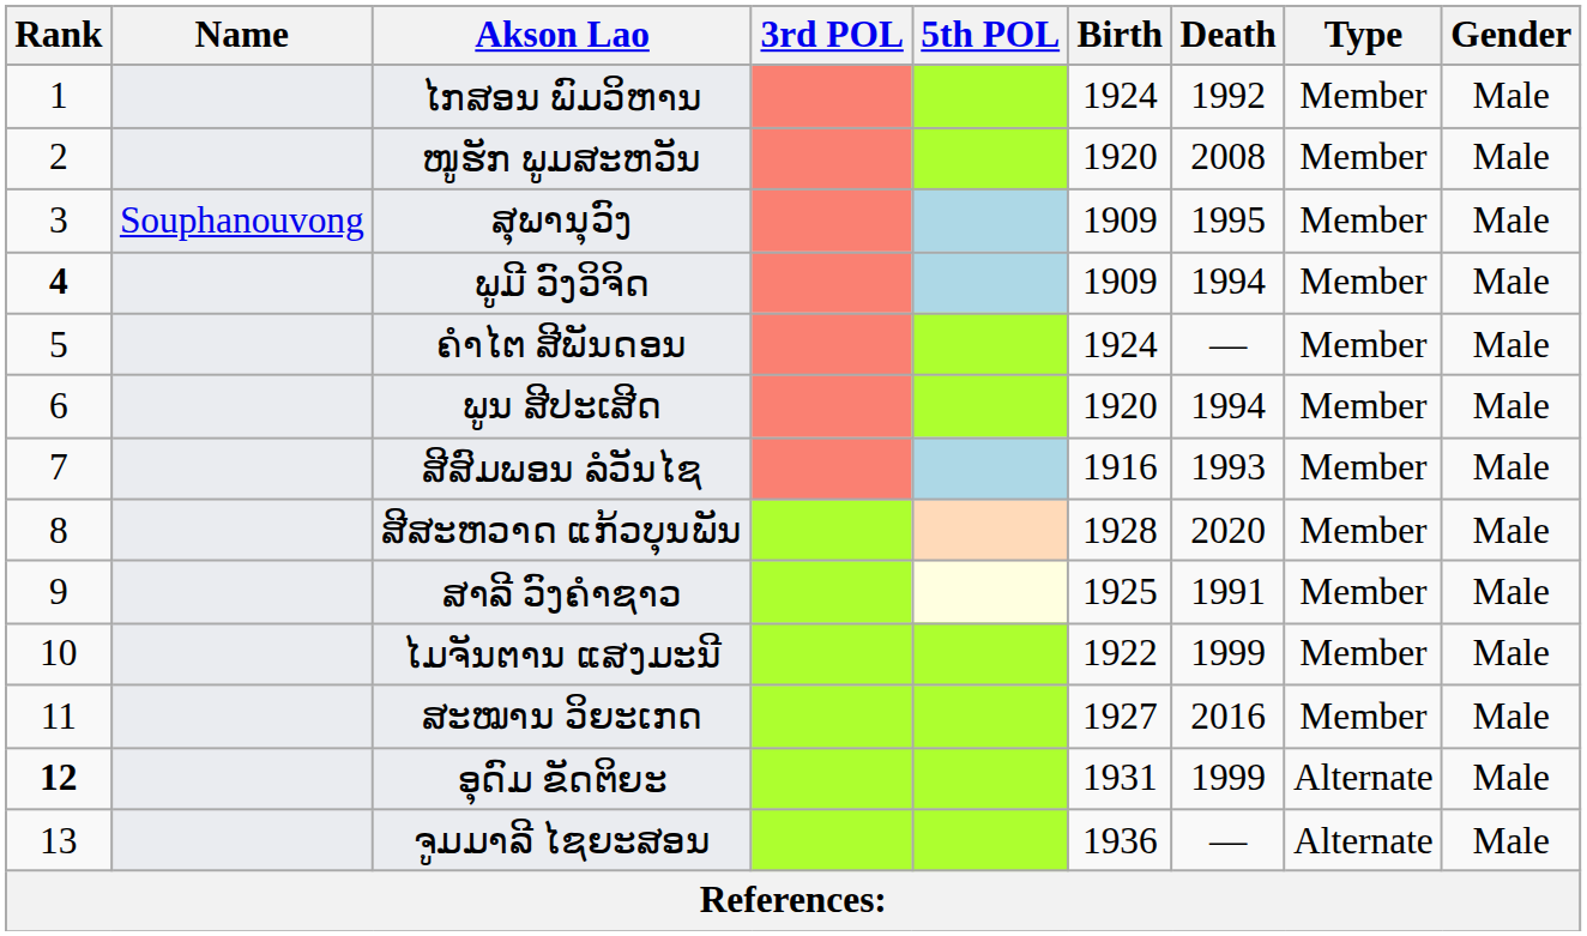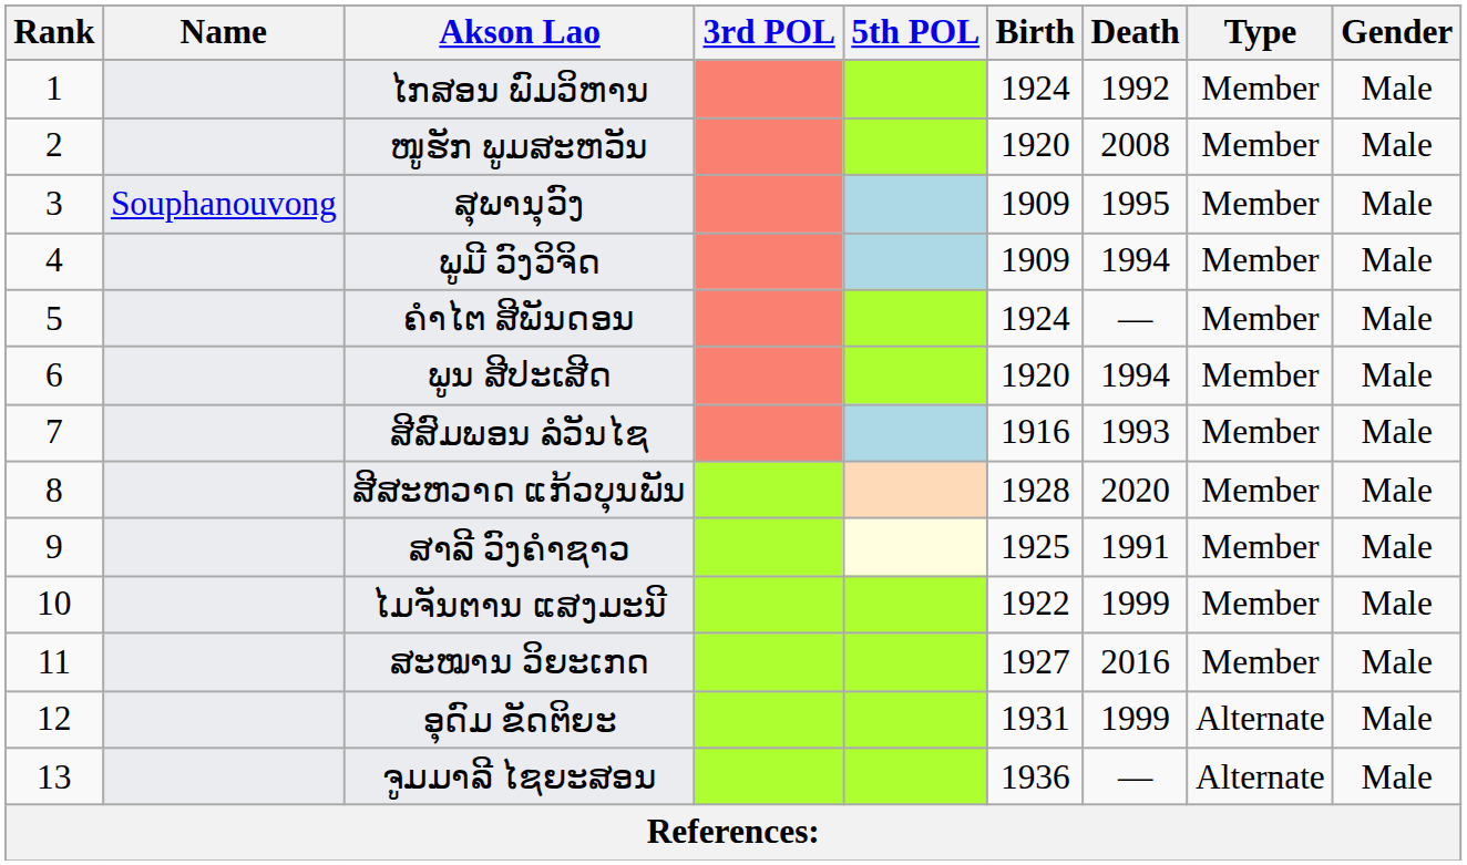 <table class="wikitable sortable" style=text-align:center>
 <tr>
 <th>Rank</th>
 <th>Name</th>
 <th class="unsortable"><a href='#'>Akson Lao</a></th>
 <th unsortable><a href='#'>3rd POL</a></th>
 <th unsortable><a href='#'>5th POL</a></th>
 <th>Birth</th>
 <th>Death</th>
 <th>Type</th>
 <th>Gender</th>
 </tr>
 <tr>
 <td>1</td>
 <td bgcolor = #EAECF0></td>
 <td bgcolor = #EAECF0>ໄກສອນ ພົມວິຫານ</td>
 <td bgcolor = Salmon></td>
 <td bgcolor = GreenYellow></td>
 <td>1924</td>
 <td>1992</td>
 <td>Member</td>
 <td>Male</td>
 </tr>
 <tr>
 <td>2</td>
 <td bgcolor = #EAECF0></td>
 <td bgcolor = #EAECF0>ໜູຮັກ ພູມສະຫວັນ</td>
 <td bgcolor = Salmon></td>
 <td bgcolor = GreenYellow></td>
 <td>1920</td>
 <td>2008</td>
 <td>Member</td>
 <td>Male</td>
 </tr>
 <tr>
 <td>3</td>
 <td bgcolor = #EAECF0><a href='#'>Souphanouvong</a></td>
 <td bgcolor = #EAECF0>ສຸພານຸວົງ</td>
 <td bgcolor = Salmon></td>
 <td bgcolor = LightBlue></td>
 <td>1909</td>
 <td>1995</td>
 <td>Member</td>
 <td>Male</td>
 </tr>
 <tr>
-<td><strong>4</strong></td>
+<td>4</td>
 <td bgcolor = #EAECF0></td>
 <td bgcolor = #EAECF0>ພູມີ ວົງວິຈິດ</td>
 <td bgcolor = Salmon></td>
 <td bgcolor = LightBlue></td>
 <td>1909</td>
 <td>1994</td>
 <td>Member</td>
 <td>Male</td>
 </tr>
 <tr>
 <td>5</td>
 <td bgcolor = #EAECF0></td>
 <td bgcolor = #EAECF0>ຄໍາໄຕ ສີພັນດອນ</td>
 <td bgcolor = Salmon></td>
 <td bgcolor = GreenYellow></td>
 <td>1924</td>
 <td>—</td>
 <td>Member</td>
 <td>Male</td>
 </tr>
 <tr>
 <td>6</td>
 <td bgcolor = #EAECF0></td>
 <td bgcolor = #EAECF0>ພູນ ສີປະເສີດ</td>
 <td bgcolor = Salmon></td>
 <td bgcolor = GreenYellow></td>
 <td>1920</td>
 <td>1994</td>
 <td>Member</td>
 <td>Male</td>
 </tr>
 <tr>
 <td>7</td>
 <td bgcolor = #EAECF0></td>
 <td bgcolor = #EAECF0>ສີສົມພອນ ລໍວັນໄຊ</td>
 <td bgcolor = Salmon></td>
 <td bgcolor = LightBlue></td>
 <td>1916</td>
 <td>1993</td>
 <td>Member</td>
 <td>Male</td>
 </tr>
 <tr>
 <td>8</td>
 <td bgcolor = #EAECF0></td>
 <td bgcolor = #EAECF0>ສີສະຫວາດ ແກ້ວບຸນພັນ</td>
 <td bgcolor = GreenYellow></td>
 <td bgcolor = PeachPuff></td>
 <td>1928</td>
 <td>2020</td>
 <td>Member</td>
 <td>Male</td>
 </tr>
 <tr>
 <td>9</td>
 <td bgcolor = #EAECF0></td>
 <td bgcolor = #EAECF0>ສາລີ ວົງຄໍາຊາວ</td>
 <td bgcolor = GreenYellow></td>
 <td bgcolor = LightYellow></td>
 <td>1925</td>
 <td>1991</td>
 <td>Member</td>
 <td>Male</td>
 </tr>
 <tr>
 <td>10</td>
 <td bgcolor = #EAECF0></td>
 <td bgcolor = #EAECF0>ໄມຈັນຕານ ແສງມະນີ</td>
 <td bgcolor = GreenYellow></td>
 <td bgcolor = GreenYellow></td>
 <td>1922</td>
 <td>1999</td>
 <td>Member</td>
 <td>Male</td>
 </tr>
 <tr>
 <td>11</td>
 <td bgcolor = #EAECF0></td>
 <td bgcolor = #EAECF0>ສະໝານ ວິຍະເກດ</td>
 <td bgcolor = GreenYellow></td>
 <td bgcolor = GreenYellow></td>
 <td>1927</td>
 <td>2016</td>
 <td>Member</td>
 <td>Male</td>
 </tr>
 <tr>
-<td><strong>12</strong></td>
+<td>12</td>
 <td bgcolor = #EAECF0></td>
 <td bgcolor = #EAECF0>ອຸດົມ ຂັດຕິຍະ</td>
 <td bgcolor = GreenYellow></td>
 <td bgcolor = GreenYellow></td>
 <td>1931</td>
 <td>1999</td>
 <td>Alternate</td>
 <td>Male</td>
 </tr>
 <tr>
 <td>13</td>
 <td bgcolor = #EAECF0></td>
 <td bgcolor = #EAECF0>ຈູມມາລີ ໄຊຍະສອນ</td>
 <td bgcolor = GreenYellow></td>
 <td bgcolor = GreenYellow></td>
 <td>1936</td>
 <td>—</td>
 <td>Alternate</td>
 <td>Male</td>
 </tr>
 <tr class=sortbottom>
 <th colspan="23" align = left><strong>References:</strong><br></th>
 </tr>
 </table>
